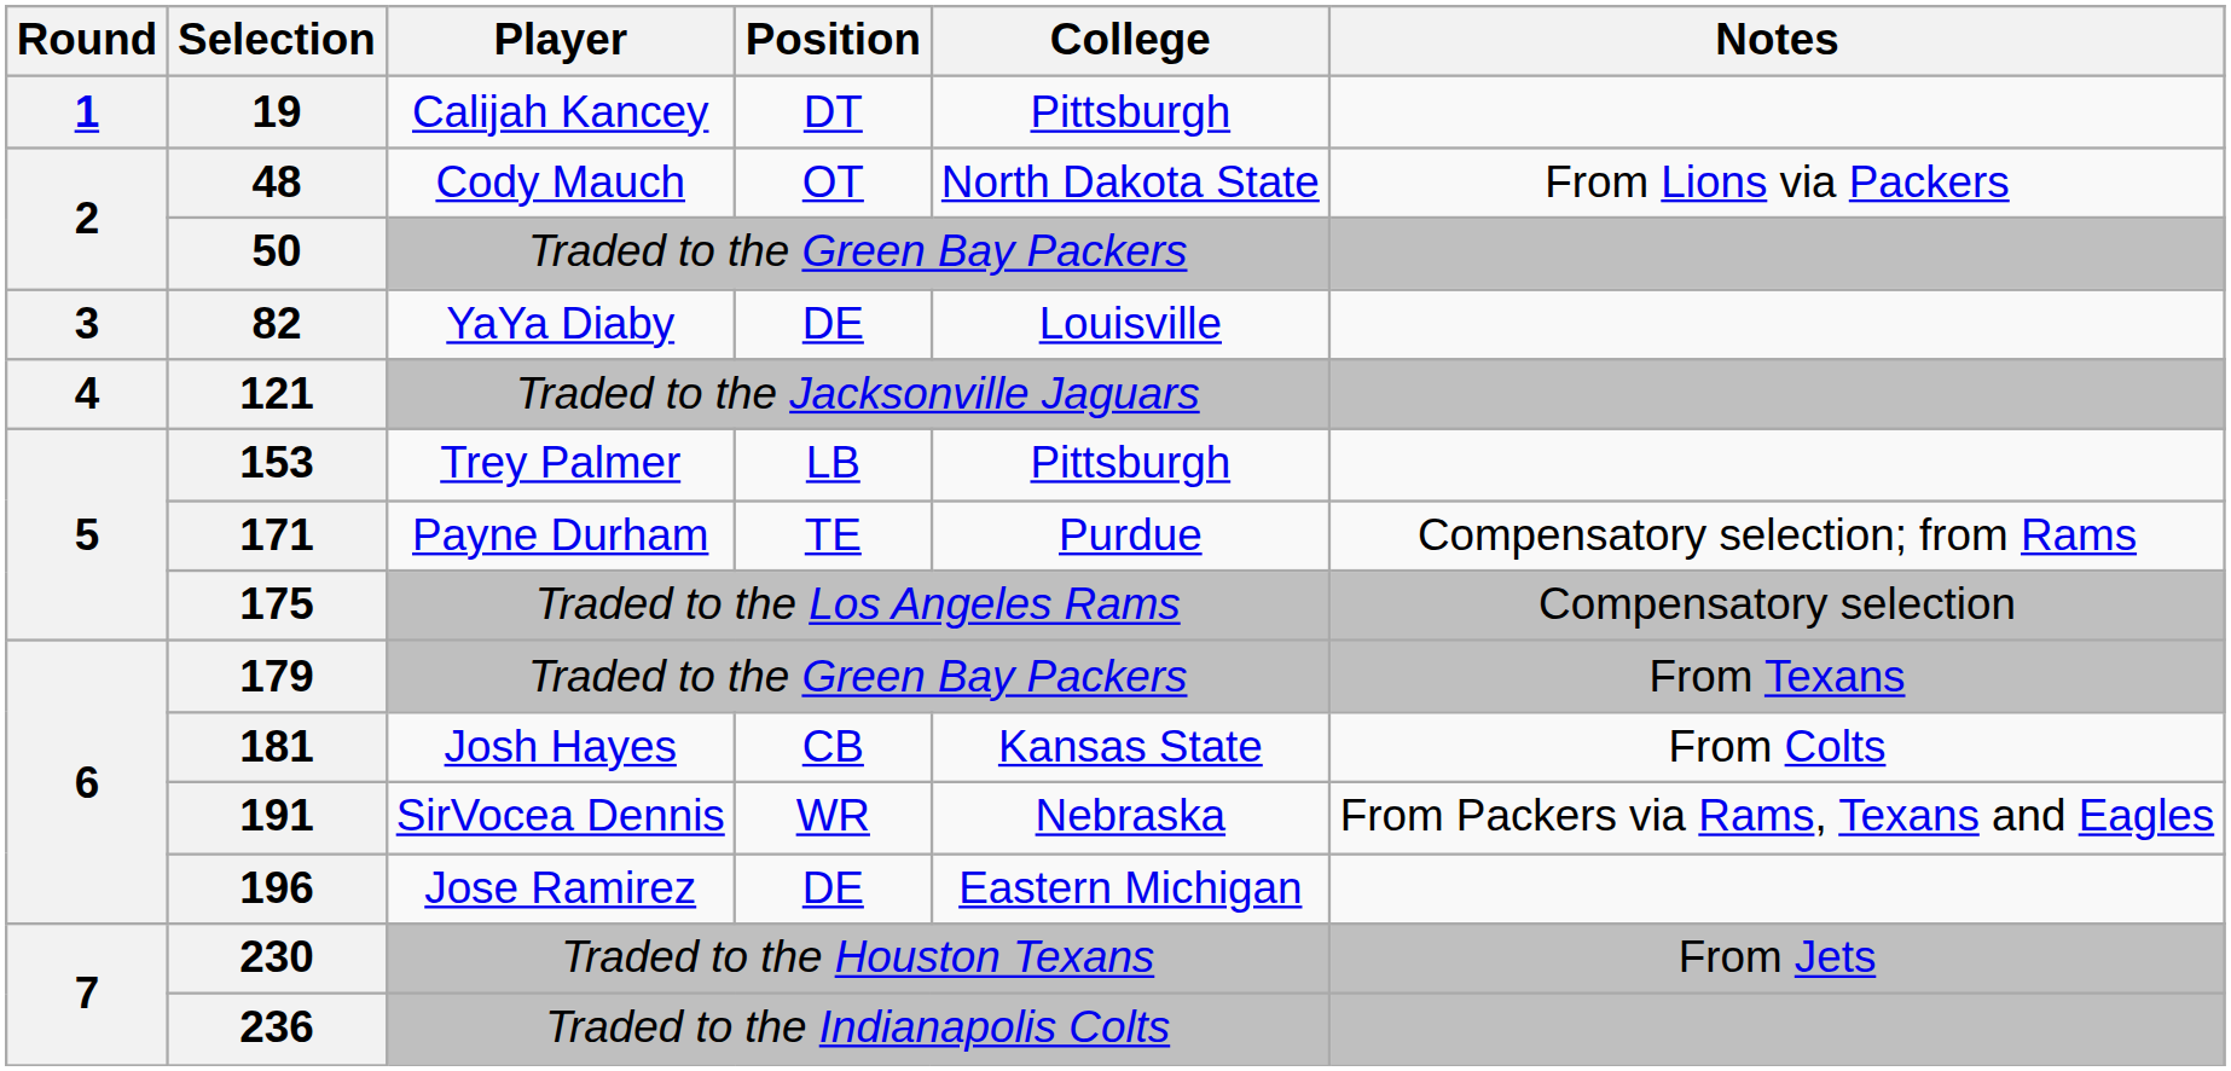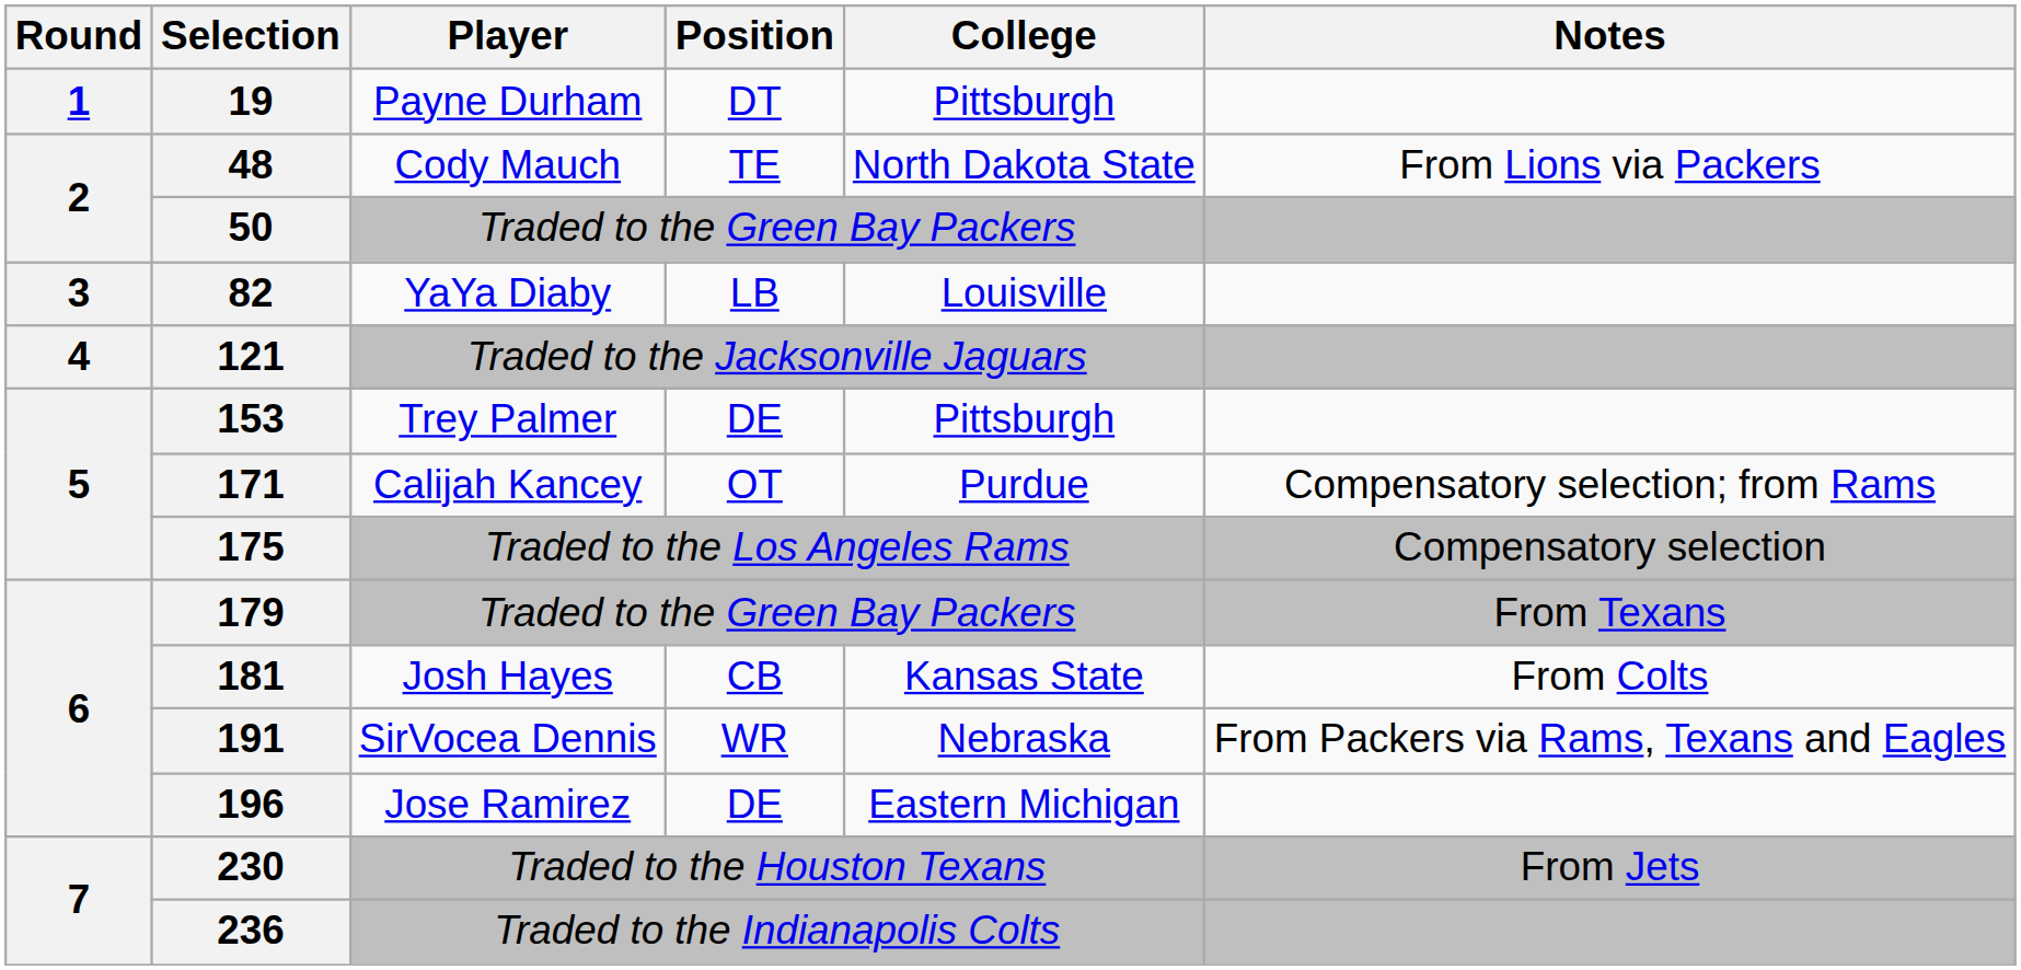 <table class="wikitable" style="text-align:center">
 <tr>
 <th>Round</th>
 <th>Selection</th>
 <th>Player</th>
 <th>Position</th>
 <th>College</th>
 <th>Notes</th>
 </tr>
 <tr>
 <th><a href='#'>1</a></th>
 <th>19</th>
-<td><a href='#'>Calijah Kancey</a></td>
+<td><a href='#'>Payne Durham</a></td>
 <td><a href='#'>DT</a></td>
 <td><a href='#'>Pittsburgh</a></td>
 <td></td>
 </tr>
 <tr>
 <th rowspan="2">2</th>
 <th>48</th>
 <td><a href='#'>Cody Mauch</a></td>
-<td><a href='#'>OT</a></td>
+<td><a href='#'>TE</a></td>
 <td><a href='#'>North Dakota State</a></td>
 <td>From <a href='#'>Lions</a> via <a href='#'>Packers</a></td>
 </tr>
 <tr>
 <th>50</th>
 <td colspan="3" style="background:#BFBFBF"><em>Traded to the <a href='#'>Green Bay Packers</a></em></td>
 <td style="background:#BFBFBF"></td>
 </tr>
 <tr>
 <th>3</th>
 <th>82</th>
 <td><a href='#'>YaYa Diaby</a></td>
-<td><a href='#'>DE</a></td>
+<td><a href='#'>LB</a></td>
 <td><a href='#'>Louisville</a></td>
 <td></td>
 </tr>
 <tr>
 <th>4</th>
 <th>121</th>
 <td colspan="3" style="background:#BFBFBF"><em>Traded to the <a href='#'>Jacksonville Jaguars</a></em></td>
 <td style="background:#BFBFBF"></td>
 </tr>
 <tr>
 <th rowspan="3">5</th>
 <th>153</th>
 <td><a href='#'>Trey Palmer</a></td>
-<td><a href='#'>LB</a></td>
+<td><a href='#'>DE</a></td>
 <td><a href='#'>Pittsburgh</a></td>
 <td></td>
 </tr>
 <tr>
 <th>171</th>
-<td><a href='#'>Payne Durham</a></td>
-<td><a href='#'>TE</a></td>
+<td><a href='#'>Calijah Kancey</a></td>
+<td><a href='#'>OT</a></td>
 <td><a href='#'>Purdue</a></td>
 <td>Compensatory selection; from <a href='#'>Rams</a></td>
 </tr>
 <tr>
 <th>175</th>
 <td colspan="3" style="background:#BFBFBF"><em>Traded to the <a href='#'>Los Angeles Rams</a></em></td>
 <td style="background:#BFBFBF">Compensatory selection</td>
 </tr>
 <tr>
 <th rowspan="4">6</th>
 <th>179</th>
 <td colspan="3" style="background:#BFBFBF"><em>Traded to the <a href='#'>Green Bay Packers</a></em></td>
 <td style="background:#BFBFBF">From <a href='#'>Texans</a></td>
 </tr>
 <tr>
 <th>181</th>
 <td><a href='#'>Josh Hayes</a></td>
 <td><a href='#'>CB</a></td>
 <td><a href='#'>Kansas State</a></td>
 <td>From <a href='#'>Colts</a></td>
 </tr>
 <tr>
 <th>191</th>
 <td><a href='#'>SirVocea Dennis</a></td>
 <td><a href='#'>WR</a></td>
 <td><a href='#'>Nebraska</a></td>
 <td>From Packers via <a href='#'>Rams</a>, <a href='#'>Texans</a> and <a href='#'>Eagles</a></td>
 </tr>
 <tr>
 <th>196</th>
 <td><a href='#'>Jose Ramirez</a></td>
 <td><a href='#'>DE</a></td>
 <td><a href='#'>Eastern Michigan</a></td>
 <td></td>
 </tr>
 <tr>
 <th rowspan="2">7</th>
 <th>230</th>
 <td colspan="3" style="background:#BFBFBF"><em>Traded to the <a href='#'>Houston Texans</a></em></td>
 <td style="background:#BFBFBF">From <a href='#'>Jets</a></td>
 </tr>
 <tr>
 <th>236</th>
 <td colspan="3" style="background:#BFBFBF"><em>Traded to the <a href='#'>Indianapolis Colts</a></em></td>
 <td style="background:#BFBFBF"></td>
 </tr>
 </table>
